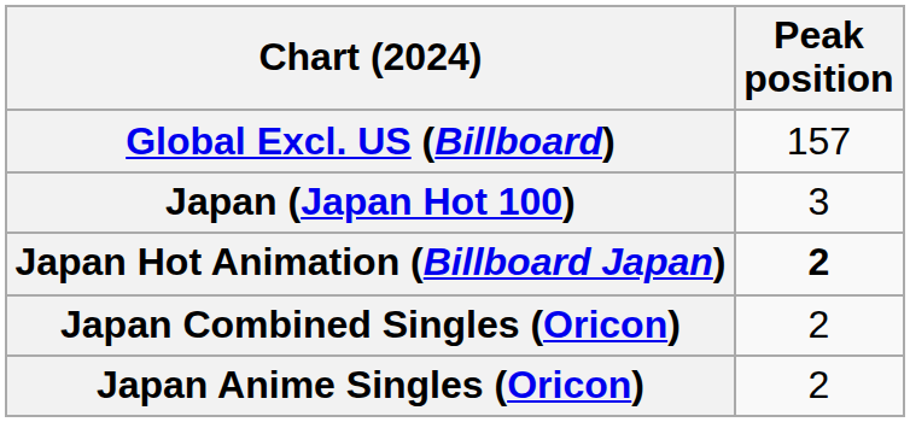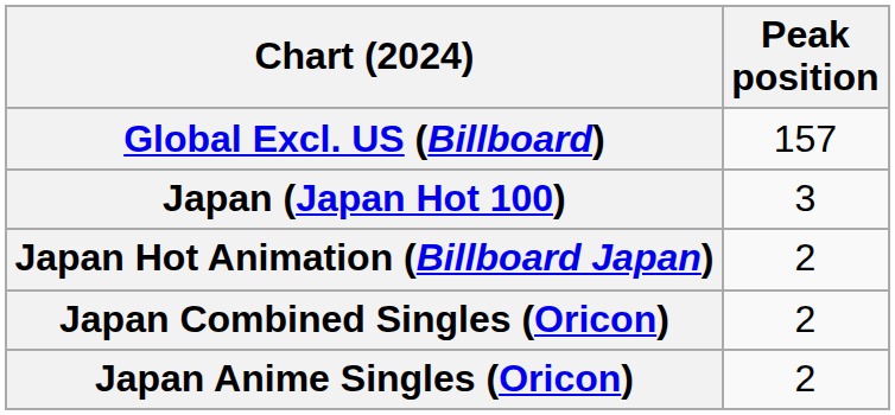 <table class="wikitable plainrowheaders sortable" style="text-align:center">
 <tr>
 <th scope="col">Chart (2024)</th>
 <th scope="col">Peak<br>position</th>
 </tr>
 <tr>
 <th scope="row"><a href='#'>Global Excl. US</a> (<em><a href='#'>Billboard</a></em>)</th>
 <td>157</td>
 </tr>
 <tr>
 <th scope="row">Japan (<a href='#'>Japan Hot 100</a>)</th>
 <td>3</td>
 </tr>
 <tr>
 <th scope="row">Japan Hot Animation (<em><a href='#'>Billboard Japan</a></em>)</th>
-<td><strong>2</strong></td>
+<td>2</td>
 </tr>
 <tr>
 </tr>
 <tr>
 <th scope="row">Japan Combined Singles (<a href='#'>Oricon</a>)</th>
 <td>2</td>
 </tr>
 <tr>
 <th scope="row">Japan Anime Singles (<a href='#'>Oricon</a>)</th>
 <td>2</td>
 </tr>
 </table>
